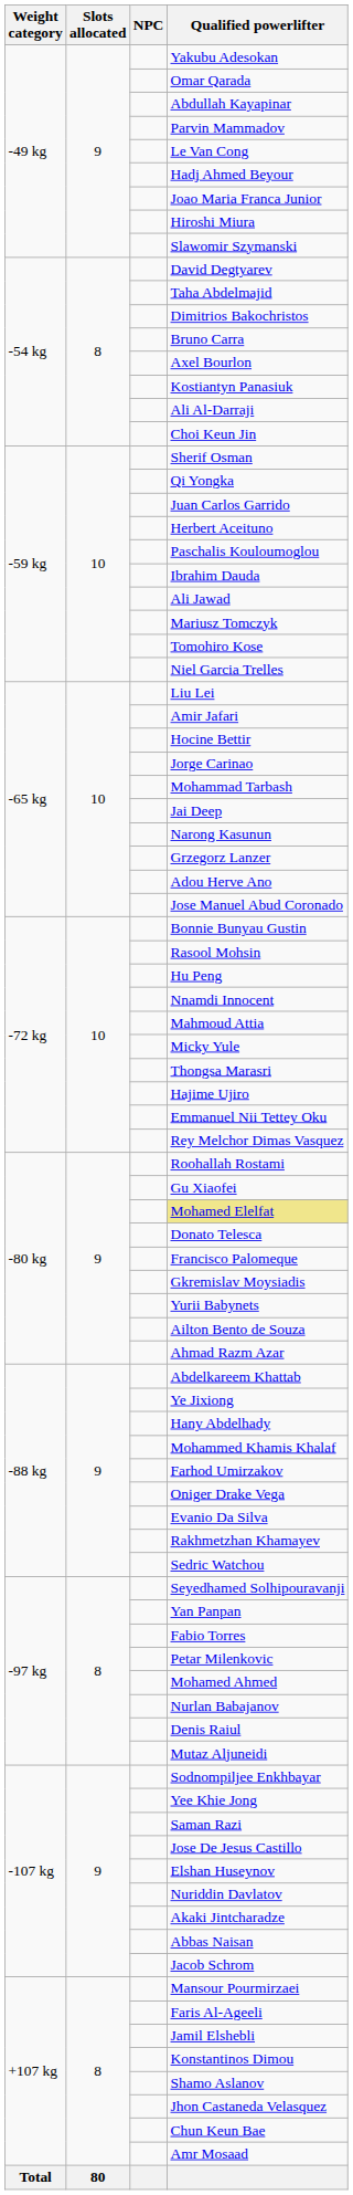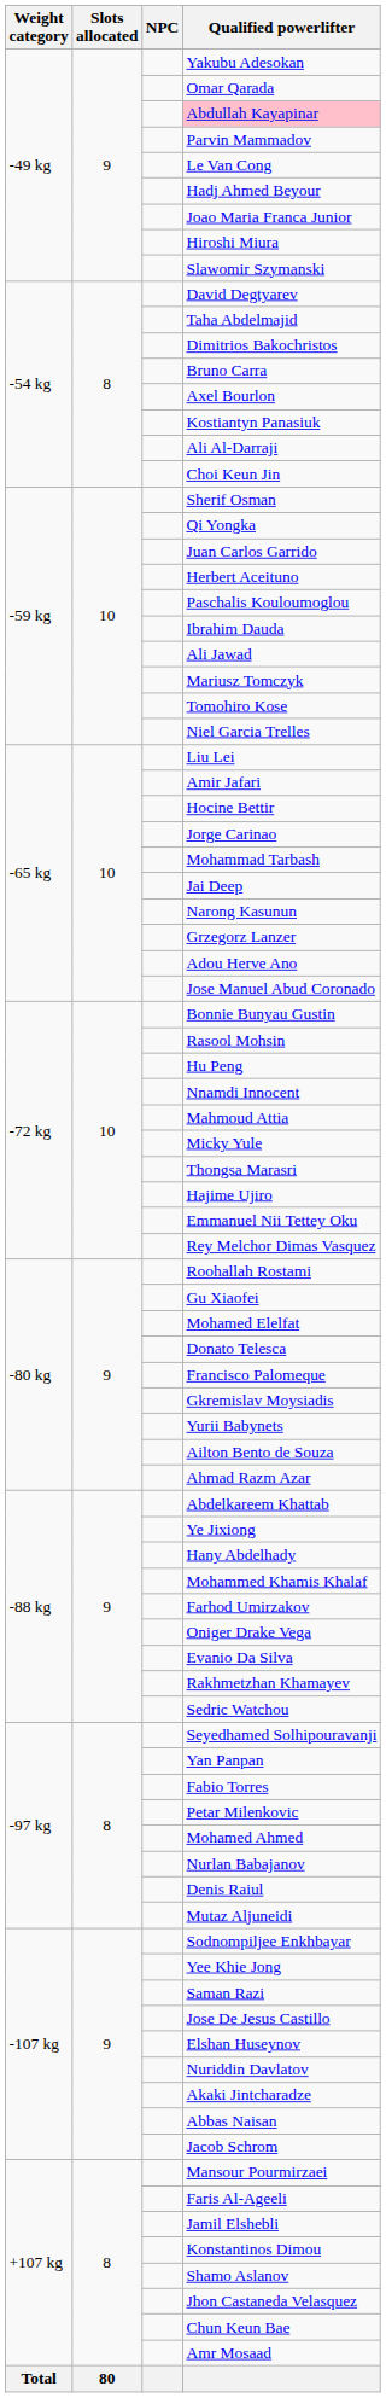 <table class="wikitable">
 <tr>
 <th>Weight<br> category</th>
 <th>Slots<br> allocated</th>
 <th>NPC</th>
 <th>Qualified powerlifter</th>
 </tr>
 <tr>
 <td rowspan=9>-49 kg</td>
 <td rowspan=9 align=center>9</td>
 <td></td>
 <td><a href='#'>Yakubu Adesokan</a></td>
 </tr>
 <tr>
 <td></td>
 <td><a href='#'>Omar Qarada</a></td>
 </tr>
 <tr>
 <td></td>
-<td><a href='#'>Abdullah Kayapinar</a></td>
+<td style="background: pink;"><a href='#'>Abdullah Kayapinar</a></td>
 </tr>
 <tr>
 <td></td>
 <td><a href='#'>Parvin Mammadov</a></td>
 </tr>
 <tr>
 <td></td>
 <td><a href='#'>Le Van Cong</a></td>
 </tr>
 <tr>
 <td></td>
 <td><a href='#'>Hadj Ahmed Beyour</a></td>
 </tr>
 <tr>
 <td></td>
 <td><a href='#'>Joao Maria Franca Junior</a></td>
 </tr>
 <tr>
 <td></td>
 <td><a href='#'>Hiroshi Miura</a></td>
 </tr>
 <tr>
 <td></td>
 <td><a href='#'>Slawomir Szymanski</a></td>
 </tr>
 <tr>
 <td rowspan=8>-54 kg</td>
 <td rowspan=8 align=center>8</td>
 <td></td>
 <td><a href='#'>David Degtyarev</a></td>
 </tr>
 <tr>
 <td></td>
 <td><a href='#'>Taha Abdelmajid</a></td>
 </tr>
 <tr>
 <td></td>
 <td><a href='#'>Dimitrios Bakochristos</a></td>
 </tr>
 <tr>
 <td></td>
 <td><a href='#'>Bruno Carra</a></td>
 </tr>
 <tr>
 <td></td>
 <td><a href='#'>Axel Bourlon</a></td>
 </tr>
 <tr>
 <td></td>
 <td><a href='#'>Kostiantyn Panasiuk</a></td>
 </tr>
 <tr>
 <td></td>
 <td><a href='#'>Ali Al-Darraji</a></td>
 </tr>
 <tr>
 <td></td>
 <td><a href='#'>Choi Keun Jin</a></td>
 </tr>
 <tr>
 <td rowspan=10>-59 kg</td>
 <td rowspan=10 align=center>10</td>
 <td></td>
 <td><a href='#'>Sherif Osman</a></td>
 </tr>
 <tr>
 <td></td>
 <td><a href='#'>Qi Yongka</a></td>
 </tr>
 <tr>
 <td></td>
 <td><a href='#'>Juan Carlos Garrido</a></td>
 </tr>
 <tr>
 <td></td>
 <td><a href='#'>Herbert Aceituno</a></td>
 </tr>
 <tr>
 <td></td>
 <td><a href='#'>Paschalis Kouloumoglou</a></td>
 </tr>
 <tr>
 <td></td>
 <td><a href='#'>Ibrahim Dauda</a></td>
 </tr>
 <tr>
 <td></td>
 <td><a href='#'>Ali Jawad</a></td>
 </tr>
 <tr>
 <td></td>
 <td><a href='#'>Mariusz Tomczyk</a></td>
 </tr>
 <tr>
 <td></td>
 <td><a href='#'>Tomohiro Kose</a></td>
 </tr>
 <tr>
 <td></td>
 <td><a href='#'>Niel Garcia Trelles</a></td>
 </tr>
 <tr>
 <td rowspan=10>-65 kg</td>
 <td rowspan=10 align=center>10</td>
 <td></td>
 <td><a href='#'>Liu Lei</a></td>
 </tr>
 <tr>
 <td></td>
 <td><a href='#'>Amir Jafari</a></td>
 </tr>
 <tr>
 <td></td>
 <td><a href='#'>Hocine Bettir</a></td>
 </tr>
 <tr>
 <td></td>
 <td><a href='#'>Jorge Carinao</a></td>
 </tr>
 <tr>
 <td></td>
 <td><a href='#'>Mohammad Tarbash</a></td>
 </tr>
 <tr>
 <td></td>
 <td><a href='#'>Jai Deep</a></td>
 </tr>
 <tr>
 <td></td>
 <td><a href='#'>Narong Kasunun</a></td>
 </tr>
 <tr>
 <td></td>
 <td><a href='#'>Grzegorz Lanzer</a></td>
 </tr>
 <tr>
 <td></td>
 <td><a href='#'>Adou Herve Ano</a></td>
 </tr>
 <tr>
 <td></td>
 <td><a href='#'>Jose Manuel Abud Coronado</a></td>
 </tr>
 <tr>
 <td rowspan=10>-72 kg</td>
 <td rowspan=10 align=center>10</td>
 <td></td>
 <td><a href='#'>Bonnie Bunyau Gustin</a></td>
 </tr>
 <tr>
 <td></td>
 <td><a href='#'>Rasool Mohsin</a></td>
 </tr>
 <tr>
 <td></td>
 <td><a href='#'>Hu Peng</a></td>
 </tr>
 <tr>
 <td></td>
 <td><a href='#'>Nnamdi Innocent</a></td>
 </tr>
 <tr>
 <td></td>
 <td><a href='#'>Mahmoud Attia</a></td>
 </tr>
 <tr>
 <td></td>
 <td><a href='#'>Micky Yule</a></td>
 </tr>
 <tr>
 <td></td>
 <td><a href='#'>Thongsa Marasri</a></td>
 </tr>
 <tr>
 <td></td>
 <td><a href='#'>Hajime Ujiro</a></td>
 </tr>
 <tr>
 <td></td>
 <td><a href='#'>Emmanuel Nii Tettey Oku</a></td>
 </tr>
 <tr>
 <td></td>
 <td><a href='#'>Rey Melchor Dimas Vasquez</a></td>
 </tr>
 <tr>
 <td rowspan=9>-80 kg</td>
 <td rowspan=9 align=center>9</td>
 <td></td>
 <td><a href='#'>Roohallah Rostami</a></td>
 </tr>
 <tr>
 <td></td>
 <td><a href='#'>Gu Xiaofei</a></td>
 </tr>
 <tr>
 <td></td>
-<td style="background: khaki;"><a href='#'>Mohamed Elelfat</a></td>
+<td><a href='#'>Mohamed Elelfat</a></td>
 </tr>
 <tr>
 <td></td>
 <td><a href='#'>Donato Telesca</a></td>
 </tr>
 <tr>
 <td></td>
 <td><a href='#'>Francisco Palomeque</a></td>
 </tr>
 <tr>
 <td></td>
 <td><a href='#'>Gkremislav Moysiadis</a></td>
 </tr>
 <tr>
 <td></td>
 <td><a href='#'>Yurii Babynets</a></td>
 </tr>
 <tr>
 <td></td>
 <td><a href='#'>Ailton Bento de Souza</a></td>
 </tr>
 <tr>
 <td></td>
 <td><a href='#'>Ahmad Razm Azar</a></td>
 </tr>
 <tr>
 <td rowspan=9>-88 kg</td>
 <td rowspan=9 align=center>9</td>
 <td></td>
 <td><a href='#'>Abdelkareem Khattab</a></td>
 </tr>
 <tr>
 <td></td>
 <td><a href='#'>Ye Jixiong</a></td>
 </tr>
 <tr>
 <td></td>
 <td><a href='#'>Hany Abdelhady</a></td>
 </tr>
 <tr>
 <td></td>
 <td><a href='#'>Mohammed Khamis Khalaf</a></td>
 </tr>
 <tr>
 <td></td>
 <td><a href='#'>Farhod Umirzakov</a></td>
 </tr>
 <tr>
 <td></td>
 <td><a href='#'>Oniger Drake Vega</a></td>
 </tr>
 <tr>
 <td></td>
 <td><a href='#'>Evanio Da Silva</a></td>
 </tr>
 <tr>
 <td></td>
 <td><a href='#'>Rakhmetzhan Khamayev</a></td>
 </tr>
 <tr>
 <td></td>
 <td><a href='#'>Sedric Watchou</a></td>
 </tr>
 <tr>
 <td rowspan=8>-97 kg</td>
 <td rowspan=8 align=center>8</td>
 <td></td>
 <td><a href='#'>Seyedhamed Solhipouravanji</a></td>
 </tr>
 <tr>
 <td></td>
 <td><a href='#'>Yan Panpan</a></td>
 </tr>
 <tr>
 <td></td>
 <td><a href='#'>Fabio Torres</a></td>
 </tr>
 <tr>
 <td></td>
 <td><a href='#'>Petar Milenkovic</a></td>
 </tr>
 <tr>
 <td></td>
 <td><a href='#'>Mohamed Ahmed</a></td>
 </tr>
 <tr>
 <td></td>
 <td><a href='#'>Nurlan Babajanov</a></td>
 </tr>
 <tr>
 <td></td>
 <td><a href='#'>Denis Raiul</a></td>
 </tr>
 <tr>
 <td></td>
 <td><a href='#'>Mutaz Aljuneidi</a></td>
 </tr>
 <tr>
 <td rowspan=9>-107 kg</td>
 <td rowspan=9 align=center>9</td>
 <td></td>
 <td><a href='#'>Sodnompiljee Enkhbayar</a></td>
 </tr>
 <tr>
 <td></td>
 <td><a href='#'>Yee Khie Jong</a></td>
 </tr>
 <tr>
 <td></td>
 <td><a href='#'>Saman Razi</a></td>
 </tr>
 <tr>
 <td></td>
 <td><a href='#'>Jose De Jesus Castillo</a></td>
 </tr>
 <tr>
 <td></td>
 <td><a href='#'>Elshan Huseynov</a></td>
 </tr>
 <tr>
 <td></td>
 <td><a href='#'>Nuriddin Davlatov</a></td>
 </tr>
 <tr>
 <td></td>
 <td><a href='#'>Akaki Jintcharadze</a></td>
 </tr>
 <tr>
 <td></td>
 <td><a href='#'>Abbas Naisan</a></td>
 </tr>
 <tr>
 <td></td>
 <td><a href='#'>Jacob Schrom</a></td>
 </tr>
 <tr>
 <td rowspan=8>+107 kg</td>
 <td rowspan=8 align=center>8</td>
 <td></td>
 <td><a href='#'>Mansour Pourmirzaei</a></td>
 </tr>
 <tr>
 <td></td>
 <td><a href='#'>Faris Al-Ageeli</a></td>
 </tr>
 <tr>
 <td></td>
 <td><a href='#'>Jamil Elshebli</a></td>
 </tr>
 <tr>
 <td></td>
 <td><a href='#'>Konstantinos Dimou</a></td>
 </tr>
 <tr>
 <td></td>
 <td><a href='#'>Shamo Aslanov</a></td>
 </tr>
 <tr>
 <td></td>
 <td><a href='#'>Jhon Castaneda Velasquez</a></td>
 </tr>
 <tr>
 <td></td>
 <td><a href='#'>Chun Keun Bae</a></td>
 </tr>
 <tr>
 <td></td>
 <td><a href='#'>Amr Mosaad</a></td>
 </tr>
 <tr>
 <th>Total</th>
 <th align="center">80</th>
 <th></th>
 <th></th>
 </tr>
 </table>
